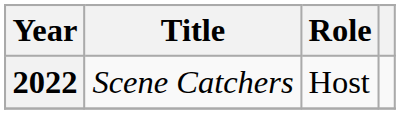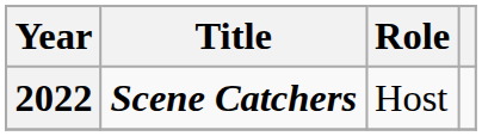 <table class="wikitable  plainrowheaders">
 <tr>
 <th scope="col">Year</th>
 <th scope="col">Title</th>
 <th scope="col">Role</th>
 <th scope="col" class="unsortable"></th>
 </tr>
 <tr>
 <th scope="row">2022</th>
-<td><em>Scene Catchers</em></td>
+<td><strong><em>Scene Catchers</em></strong></td>
 <td>Host</td>
 <td></td>
 </tr>
 <tr>
 </tr>
 </table>
